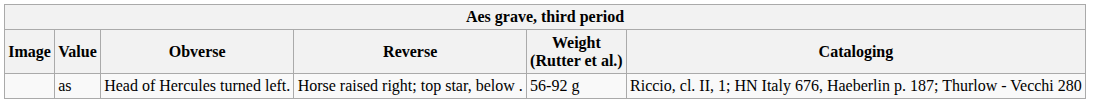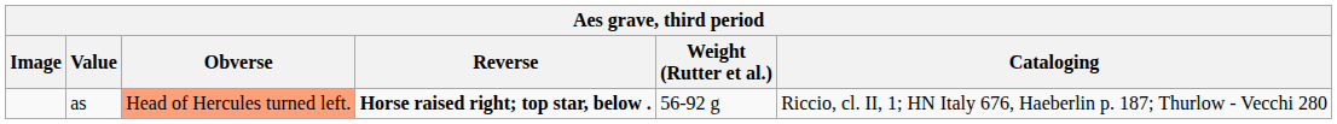 <table class="wikitable">
 <tr>
 <th colspan="6">Aes grave, third period</th>
 </tr>
 <tr>
 <th>Image</th>
 <th>Value</th>
 <th>Obverse</th>
 <th>Reverse</th>
 <th>Weight<br>(Rutter et al.)</th>
 <th>Cataloging</th>
 </tr>
 <tr>
 <td></td>
 <td>as</td>
-<td>Head of Hercules turned left.</td>
-<td>Horse raised right; top star, below .</td>
+<td style="background: lightsalmon;">Head of Hercules turned left.</td>
+<td><strong>Horse raised right; top star, below .</strong></td>
 <td>56-92 g</td>
 <td>Riccio, cl. II, 1; HN Italy 676, Haeberlin p. 187; Thurlow - Vecchi 280</td>
 </tr>
 </table>
